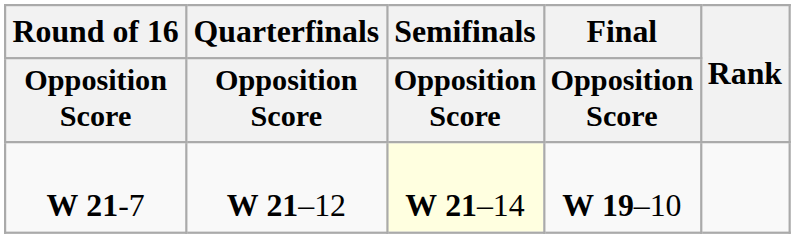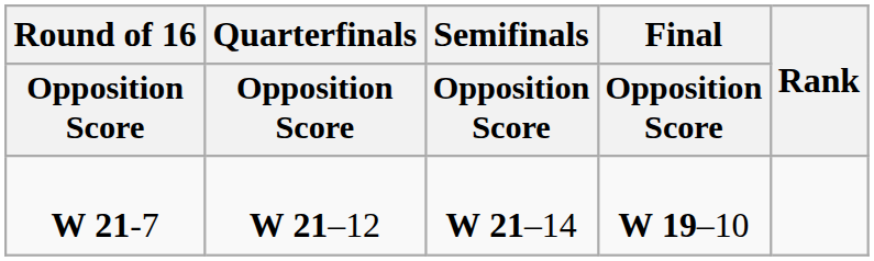 <table class=wikitable style="font-size:90%">
 <tr>
 <th>Round of 16</th>
 <th>Quarterfinals</th>
 <th>Semifinals</th>
 <th>Final</th>
 <th rowspan=2>Rank</th>
 </tr>
 <tr style="font-size:95%">
 <th>Opposition<br>Score</th>
 <th>Opposition<br>Score</th>
 <th>Opposition<br>Score</th>
 <th>Opposition<br>Score</th>
 </tr>
 <tr align=center>
 <td><br><strong>W</strong>  <strong>21</strong>-7</td>
 <td><br><strong>W</strong>  <strong>21</strong>–12</td>
-<td style="background: lightyellow;"><br><strong>W</strong>  <strong>21</strong>–14</td>
+<td><br><strong>W</strong>  <strong>21</strong>–14</td>
 <td><br><strong>W</strong>  <strong>19</strong>–10</td>
 <td></td>
 </tr>
 </table>
